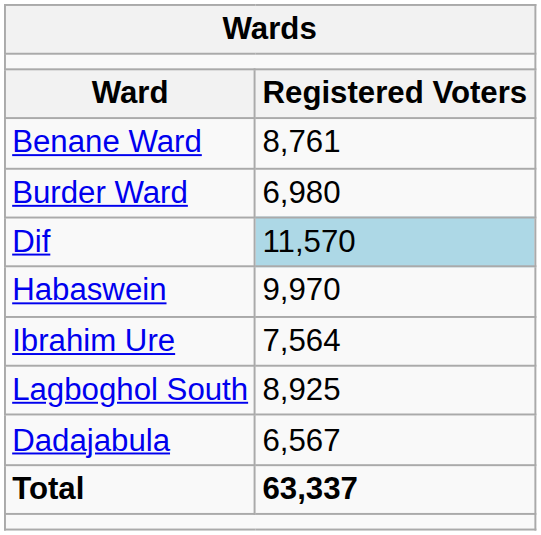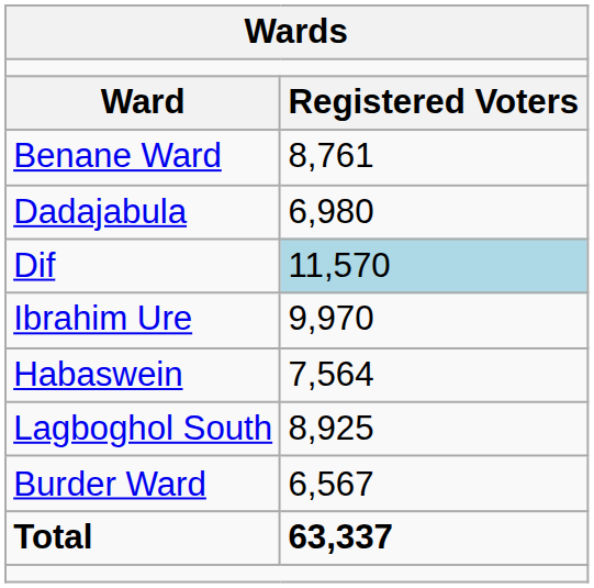 <table - class="wikitable">
 <tr>
 <th colspan="2">Wards</th>
 </tr>
 <tr>
 <td colspan="2"></td>
 </tr>
 <tr>
 <th>Ward</th>
 <th>Registered Voters</th>
 </tr>
 <tr>
 <td><a href='#'>Benane Ward</a></td>
 <td>8,761</td>
 </tr>
 <tr>
-<td><a href='#'>Burder Ward</a></td>
+<td><a href='#'>Dadajabula</a></td>
 <td>6,980</td>
 </tr>
 <tr>
 <td><a href='#'>Dif</a></td>
 <td style="background: lightblue;">11,570</td>
 </tr>
 <tr>
-<td><a href='#'>Habaswein</a></td>
+<td><a href='#'>Ibrahim Ure</a></td>
 <td>9,970</td>
 </tr>
 <tr>
-<td><a href='#'>Ibrahim Ure</a></td>
+<td><a href='#'>Habaswein</a></td>
 <td>7,564</td>
 </tr>
 <tr>
 <td><a href='#'>Lagboghol South</a></td>
 <td>8,925</td>
 </tr>
 <tr>
-<td><a href='#'>Dadajabula</a></td>
+<td><a href='#'>Burder Ward</a></td>
 <td>6,567</td>
 </tr>
 <tr>
 <td><strong>Total</strong></td>
 <td><strong>63,337</strong></td>
 </tr>
 <tr>
 <td colspan="2"></td>
 </tr>
 </table>
